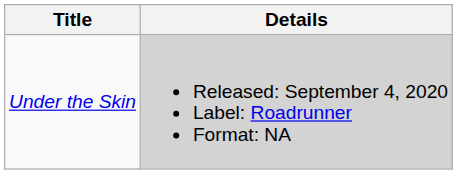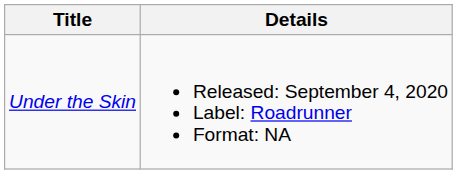 <table class="wikitable">
 <tr>
 <th>Title</th>
 <th>Details</th>
 </tr>
 <tr>
 <td><em><a href='#'>Under the Skin</a></em></td>
-<td style="background: lightgrey;"><br><ul><li>Released: September 4, 2020</li><li>Label: <a href='#'>Roadrunner</a></li><li>Format: NA</li></ul></td>
+<td><br><ul><li>Released: September 4, 2020</li><li>Label: <a href='#'>Roadrunner</a></li><li>Format: NA</li></ul></td>
 </tr>
 </table>
